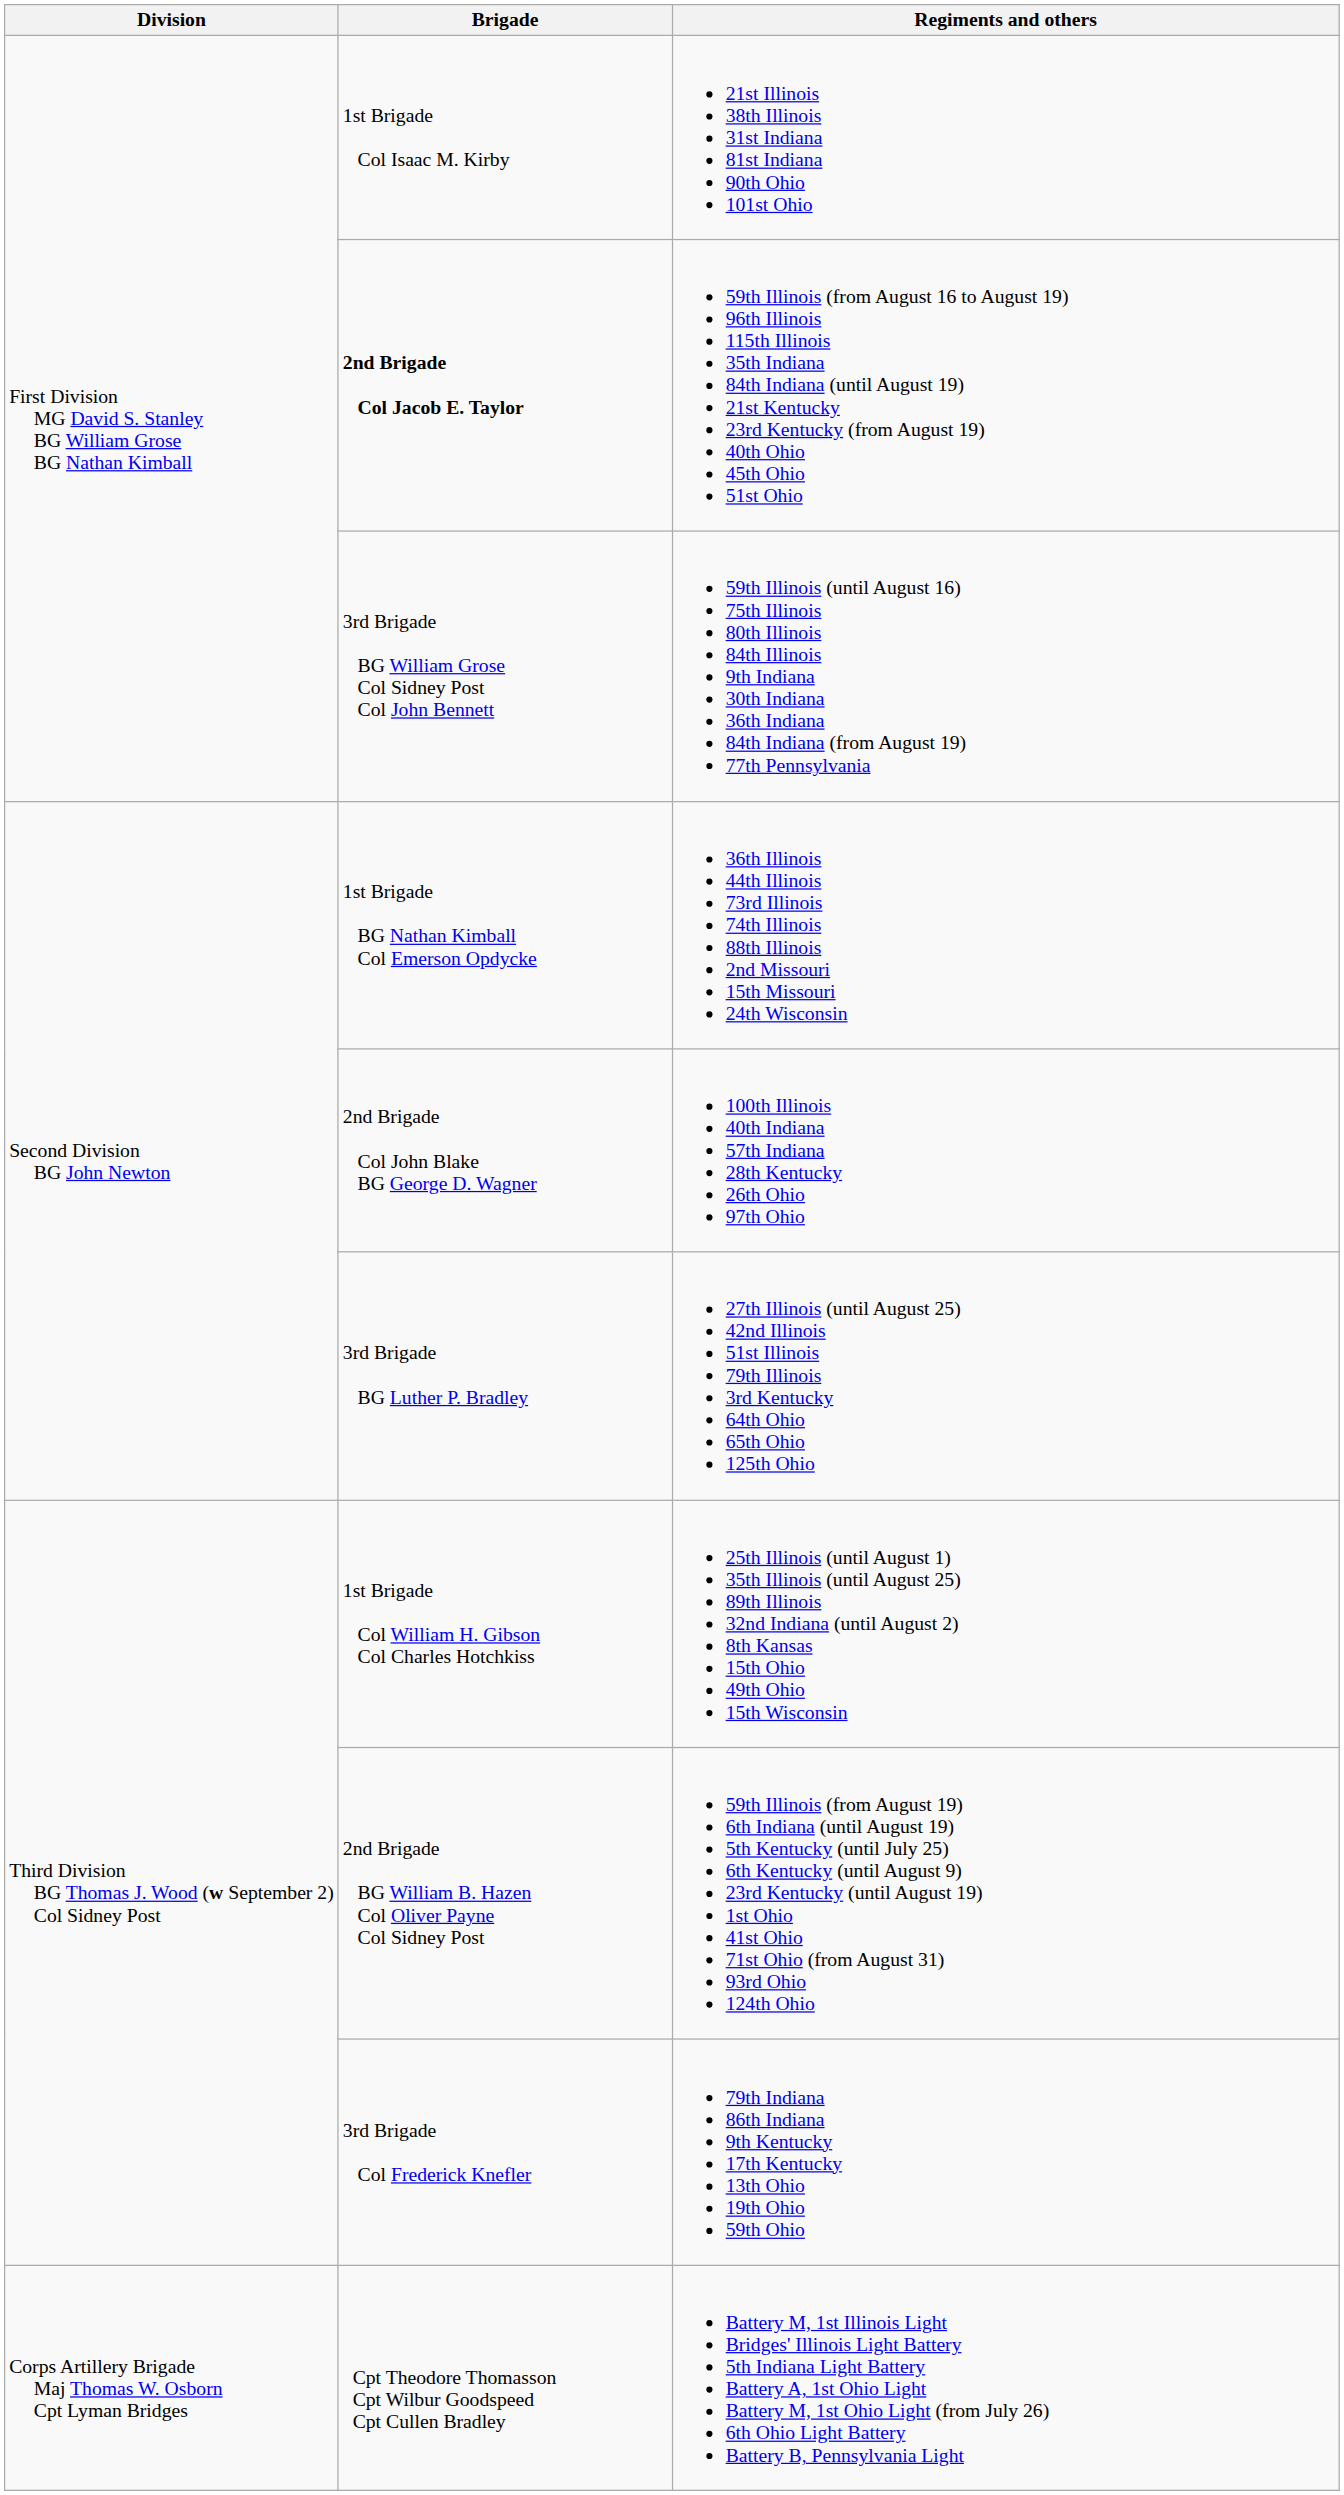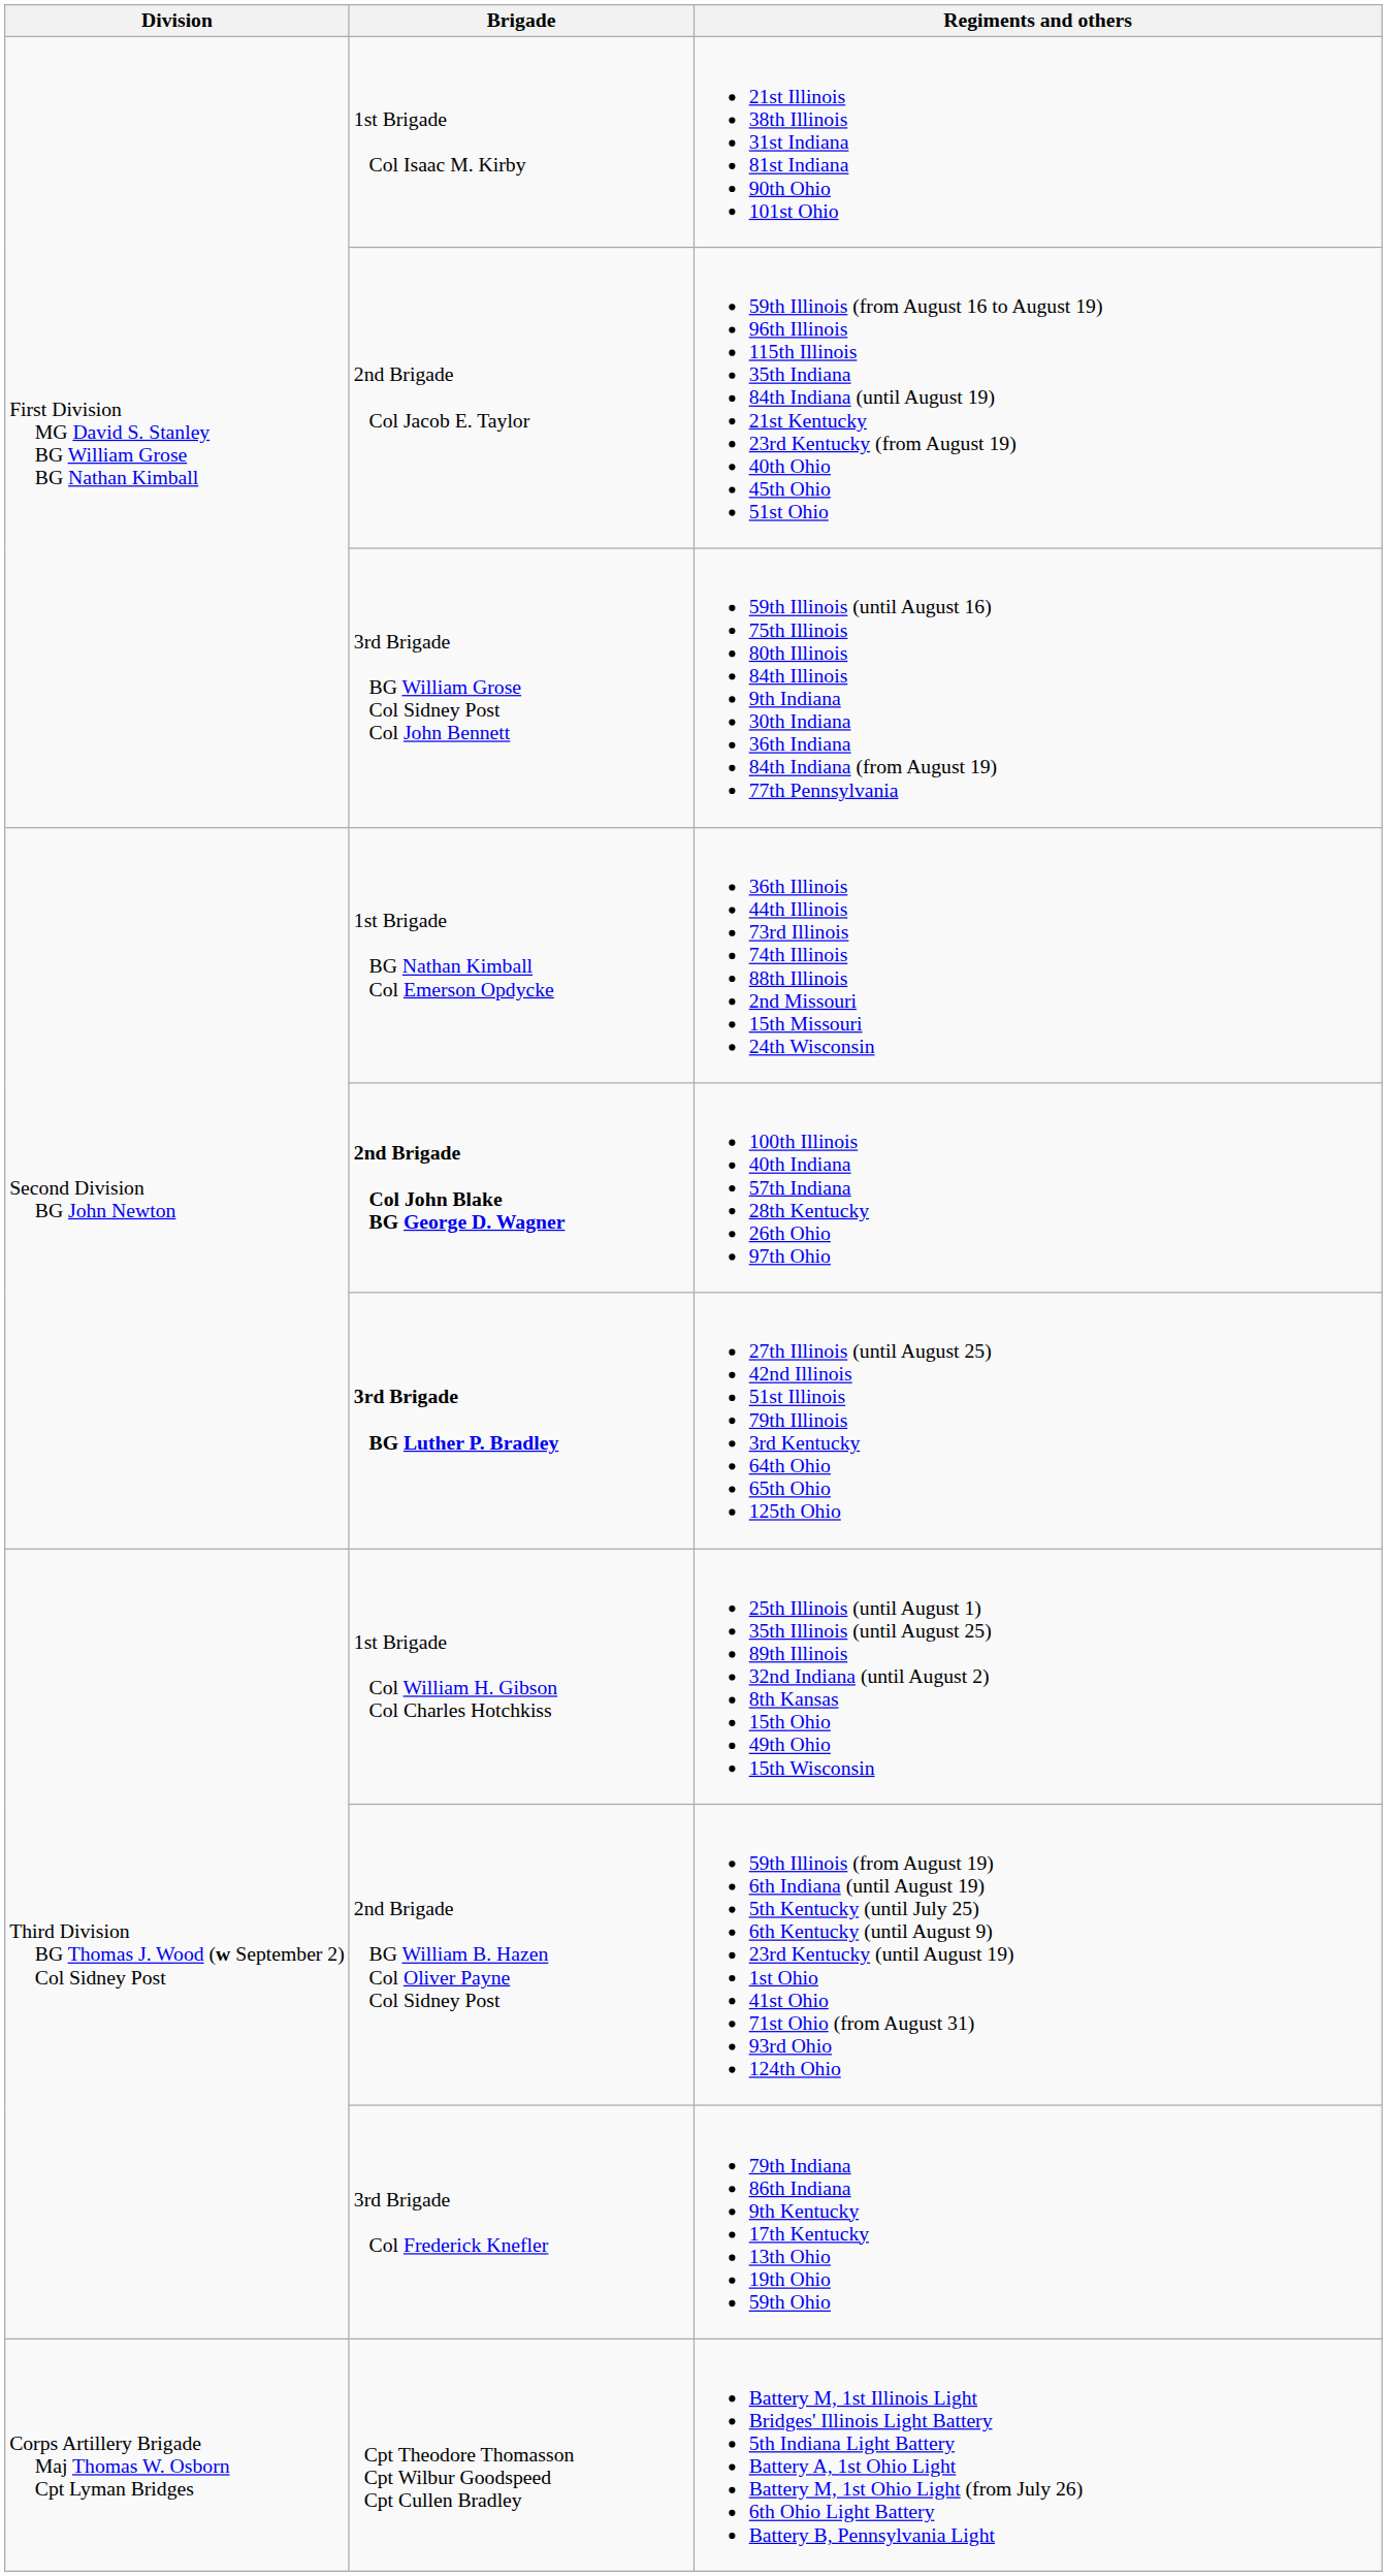 <table class="wikitable">
 <tr>
 <th width=25%>Division</th>
 <th width=25%>Brigade</th>
 <th>Regiments and others</th>
 </tr>
 <tr>
 <td rowspan=3><br>First Division <br>     MG <a href='#'>David S. Stanley</a><br>     BG <a href='#'>William Grose</a><br>     BG <a href='#'>Nathan Kimball</a></td>
 <td>1st Brigade<br><br>   Col Isaac M. Kirby</td>
 <td><br><ul><li><a href='#'>21st Illinois</a></li><li><a href='#'>38th Illinois</a></li><li><a href='#'>31st Indiana</a></li><li><a href='#'>81st Indiana</a></li><li><a href='#'>90th Ohio</a></li><li><a href='#'>101st Ohio</a></li></ul></td>
 </tr>
 <tr>
-<td><strong>2nd Brigade<br><br>   Col Jacob E. Taylor</strong></td>
+<td>2nd Brigade<br><br>   Col Jacob E. Taylor</td>
 <td><br><ul><li><a href='#'>59th Illinois</a> (from August 16 to August 19)</li><li><a href='#'>96th Illinois</a></li><li><a href='#'>115th Illinois</a></li><li><a href='#'>35th Indiana</a></li><li><a href='#'>84th Indiana</a> (until August 19)</li><li><a href='#'>21st Kentucky</a></li><li><a href='#'>23rd Kentucky</a> (from August 19)</li><li><a href='#'>40th Ohio</a></li><li><a href='#'>45th Ohio</a></li><li><a href='#'>51st Ohio</a></li></ul></td>
 </tr>
 <tr>
 <td>3rd Brigade<br><br>   BG <a href='#'>William Grose</a><br>   Col Sidney Post<br>   Col <a href='#'>John Bennett</a></td>
 <td><br><ul><li><a href='#'>59th Illinois</a> (until August 16)</li><li><a href='#'>75th Illinois</a></li><li><a href='#'>80th Illinois</a></li><li><a href='#'>84th Illinois</a></li><li><a href='#'>9th Indiana</a></li><li><a href='#'>30th Indiana</a></li><li><a href='#'>36th Indiana</a></li><li><a href='#'>84th Indiana</a> (from August 19)</li><li><a href='#'>77th Pennsylvania</a></li></ul></td>
 </tr>
 <tr>
 <td rowspan=3><br>Second Division <br>     BG <a href='#'>John Newton</a><br></td>
 <td>1st Brigade<br><br>   BG <a href='#'>Nathan Kimball</a><br>   Col <a href='#'>Emerson Opdycke</a></td>
 <td><br><ul><li><a href='#'>36th Illinois</a></li><li><a href='#'>44th Illinois</a></li><li><a href='#'>73rd Illinois</a></li><li><a href='#'>74th Illinois</a></li><li><a href='#'>88th Illinois</a></li><li><a href='#'>2nd Missouri</a></li><li><a href='#'>15th Missouri</a></li><li><a href='#'>24th Wisconsin</a></li></ul></td>
 </tr>
 <tr>
-<td>2nd Brigade<br><br>   Col John Blake<br>   BG <a href='#'>George D. Wagner</a></td>
+<td><strong>2nd Brigade<br><br>   Col John Blake<br>   BG <a href='#'>George D. Wagner</a></strong></td>
 <td><br><ul><li><a href='#'>100th Illinois</a></li><li><a href='#'>40th Indiana</a></li><li><a href='#'>57th Indiana</a></li><li><a href='#'>28th Kentucky</a></li><li><a href='#'>26th Ohio</a></li><li><a href='#'>97th Ohio</a></li></ul></td>
 </tr>
 <tr>
-<td>3rd Brigade<br><br>   BG <a href='#'>Luther P. Bradley</a></td>
+<td><strong>3rd Brigade<br><br>   BG <a href='#'>Luther P. Bradley</a></strong></td>
 <td><br><ul><li><a href='#'>27th Illinois</a> (until August 25)</li><li><a href='#'>42nd Illinois</a></li><li><a href='#'>51st Illinois</a></li><li><a href='#'>79th Illinois</a></li><li><a href='#'>3rd Kentucky</a></li><li><a href='#'>64th Ohio</a></li><li><a href='#'>65th Ohio</a></li><li><a href='#'>125th Ohio</a></li></ul></td>
 </tr>
 <tr>
 <td rowspan=3><br>Third Division <br>     BG <a href='#'>Thomas J. Wood</a> (<strong>w</strong> September 2)<br>     Col Sidney Post</td>
 <td>1st Brigade<br><br>   Col <a href='#'>William H. Gibson</a><br>   Col Charles Hotchkiss</td>
 <td><br><ul><li><a href='#'>25th Illinois</a> (until August 1)</li><li><a href='#'>35th Illinois</a> (until August 25)</li><li><a href='#'>89th Illinois</a></li><li><a href='#'>32nd Indiana</a> (until August 2)</li><li><a href='#'>8th Kansas</a></li><li><a href='#'>15th Ohio</a></li><li><a href='#'>49th Ohio</a></li><li><a href='#'>15th Wisconsin</a></li></ul></td>
 </tr>
 <tr>
 <td>2nd Brigade<br><br>   BG <a href='#'>William B. Hazen</a><br>   Col <a href='#'>Oliver Payne</a><br>   Col Sidney Post</td>
 <td><br><ul><li><a href='#'>59th Illinois</a> (from August 19)</li><li><a href='#'>6th Indiana</a> (until August 19)</li><li><a href='#'>5th Kentucky</a> (until July 25)</li><li><a href='#'>6th Kentucky</a> (until August 9)</li><li><a href='#'>23rd Kentucky</a> (until August 19)</li><li><a href='#'>1st Ohio</a></li><li><a href='#'>41st Ohio</a></li><li><a href='#'>71st Ohio</a> (from August 31)</li><li><a href='#'>93rd Ohio</a></li><li><a href='#'>124th Ohio</a></li></ul></td>
 </tr>
 <tr>
 <td>3rd Brigade<br><br>   Col <a href='#'>Frederick Knefler</a></td>
 <td><br><ul><li><a href='#'>79th Indiana</a></li><li><a href='#'>86th Indiana</a></li><li><a href='#'>9th Kentucky</a></li><li><a href='#'>17th Kentucky</a></li><li><a href='#'>13th Ohio</a></li><li><a href='#'>19th Ohio</a></li><li><a href='#'>59th Ohio</a></li></ul></td>
 </tr>
 <tr>
 <td><br>Corps Artillery Brigade <br>     Maj <a href='#'>Thomas W. Osborn</a><br>     Cpt Lyman Bridges</td>
 <td><br><br>  Cpt Theodore Thomasson <br>  Cpt Wilbur Goodspeed <br>  Cpt Cullen Bradley</td>
 <td><br><ul><li><a href='#'>Battery M, 1st Illinois Light</a></li><li><a href='#'>Bridges' Illinois Light Battery</a></li><li><a href='#'>5th Indiana Light Battery</a></li><li><a href='#'>Battery A, 1st Ohio Light</a></li><li><a href='#'>Battery M, 1st Ohio Light</a> (from July 26)</li><li><a href='#'>6th Ohio Light Battery</a></li><li><a href='#'>Battery B, Pennsylvania Light</a></li></ul></td>
 </tr>
 <tr>
 </tr>
 </table>
